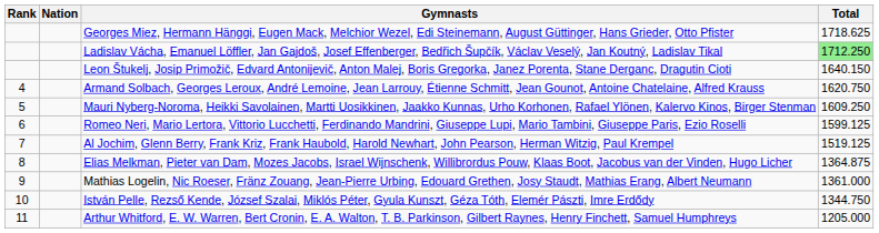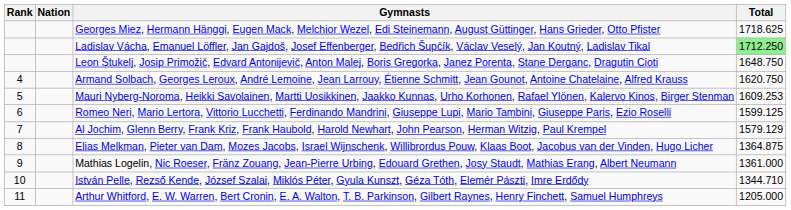 <table class="wikitable sortable" style="text-align:center">
 <tr>
 <th>Rank</th>
 <th>Nation</th>
 <th>Gymnasts</th>
 <th>Total</th>
 </tr>
 <tr>
 <td></td>
 <td align=left></td>
 <td align=left><a href='#'>Georges Miez</a>, <a href='#'>Hermann Hänggi</a>, <a href='#'>Eugen Mack</a>, <a href='#'>Melchior Wezel</a>, <a href='#'>Edi Steinemann</a>, <a href='#'>August Güttinger</a>, <a href='#'>Hans Grieder</a>, <a href='#'>Otto Pfister</a></td>
 <td>1718.625</td>
 </tr>
 <tr>
 <td></td>
 <td align=left></td>
 <td align=left><a href='#'>Ladislav Vácha</a>, <a href='#'>Emanuel Löffler</a>, <a href='#'>Jan Gajdoš</a>, <a href='#'>Josef Effenberger</a>, <a href='#'>Bedřich Šupčík</a>, <a href='#'>Václav Veselý</a>, <a href='#'>Jan Koutný</a>, <a href='#'>Ladislav Tikal</a></td>
 <td style="background: lightgreen;">1712.250</td>
 </tr>
 <tr>
 <td></td>
 <td align=left></td>
 <td align=left><a href='#'>Leon Štukelj</a>, <a href='#'>Josip Primožič</a>, <a href='#'>Edvard Antonijevič</a>, <a href='#'>Anton Malej</a>, <a href='#'>Boris Gregorka</a>, <a href='#'>Janez Porenta</a>, <a href='#'>Stane Derganc</a>, <a href='#'>Dragutin Cioti</a></td>
-<td>1640.150</td>
+<td>1648.750</td>
 </tr>
 <tr>
 <td>4</td>
 <td align=left></td>
 <td align=left><a href='#'>Armand Solbach</a>, <a href='#'>Georges Leroux</a>, <a href='#'>André Lemoine</a>, <a href='#'>Jean Larrouy</a>, <a href='#'>Étienne Schmitt</a>, <a href='#'>Jean Gounot</a>, <a href='#'>Antoine Chatelaine</a>, <a href='#'>Alfred Krauss</a></td>
 <td>1620.750</td>
 </tr>
 <tr>
 <td>5</td>
 <td align=left></td>
 <td align=left><a href='#'>Mauri Nyberg-Noroma</a>, <a href='#'>Heikki Savolainen</a>, <a href='#'>Martti Uosikkinen</a>, <a href='#'>Jaakko Kunnas</a>, <a href='#'>Urho Korhonen</a>, <a href='#'>Rafael Ylönen</a>, <a href='#'>Kalervo Kinos</a>, <a href='#'>Birger Stenman</a></td>
-<td>1609.250</td>
+<td>1609.253</td>
 </tr>
 <tr>
 <td>6</td>
 <td align=left></td>
 <td align=left><a href='#'>Romeo Neri</a>, <a href='#'>Mario Lertora</a>, <a href='#'>Vittorio Lucchetti</a>, <a href='#'>Ferdinando Mandrini</a>, <a href='#'>Giuseppe Lupi</a>, <a href='#'>Mario Tambini</a>, <a href='#'>Giuseppe Paris</a>, <a href='#'>Ezio Roselli</a></td>
 <td>1599.125</td>
 </tr>
 <tr>
 <td>7</td>
 <td align=left></td>
 <td align=left><a href='#'>Al Jochim</a>, <a href='#'>Glenn Berry</a>, <a href='#'>Frank Kriz</a>, <a href='#'>Frank Haubold</a>, <a href='#'>Harold Newhart</a>, <a href='#'>John Pearson</a>, <a href='#'>Herman Witzig</a>, <a href='#'>Paul Krempel</a></td>
-<td>1519.125</td>
+<td>1579.129</td>
 </tr>
 <tr>
 <td>8</td>
 <td align=left></td>
 <td align=left><a href='#'>Elias Melkman</a>, <a href='#'>Pieter van Dam</a>, <a href='#'>Mozes Jacobs</a>, <a href='#'>Israel Wijnschenk</a>, <a href='#'>Willibrordus Pouw</a>, <a href='#'>Klaas Boot</a>, <a href='#'>Jacobus van der Vinden</a>, <a href='#'>Hugo Licher</a></td>
 <td>1364.875</td>
 </tr>
 <tr>
 <td>9</td>
 <td align=left></td>
 <td align=left>Mathias Logelin, <a href='#'>Nic Roeser</a>, <a href='#'>Fränz Zouang</a>, <a href='#'>Jean-Pierre Urbing</a>, <a href='#'>Edouard Grethen</a>, <a href='#'>Josy Staudt</a>, <a href='#'>Mathias Erang</a>, <a href='#'>Albert Neumann</a></td>
 <td>1361.000</td>
 </tr>
 <tr>
 <td>10</td>
 <td align=left></td>
 <td align=left><a href='#'>István Pelle</a>, <a href='#'>Rezső Kende</a>, <a href='#'>József Szalai</a>, <a href='#'>Miklós Péter</a>, <a href='#'>Gyula Kunszt</a>, <a href='#'>Géza Tóth</a>, <a href='#'>Elemér Pászti</a>, <a href='#'>Imre Erdődy</a></td>
-<td>1344.750</td>
+<td>1344.710</td>
 </tr>
 <tr>
 <td>11</td>
 <td align=left></td>
 <td align=left><a href='#'>Arthur Whitford</a>, <a href='#'>E. W. Warren</a>, <a href='#'>Bert Cronin</a>, <a href='#'>E. A. Walton</a>, <a href='#'>T. B. Parkinson</a>, <a href='#'>Gilbert Raynes</a>, <a href='#'>Henry Finchett</a>, <a href='#'>Samuel Humphreys</a></td>
 <td>1205.000</td>
 </tr>
 </table>
